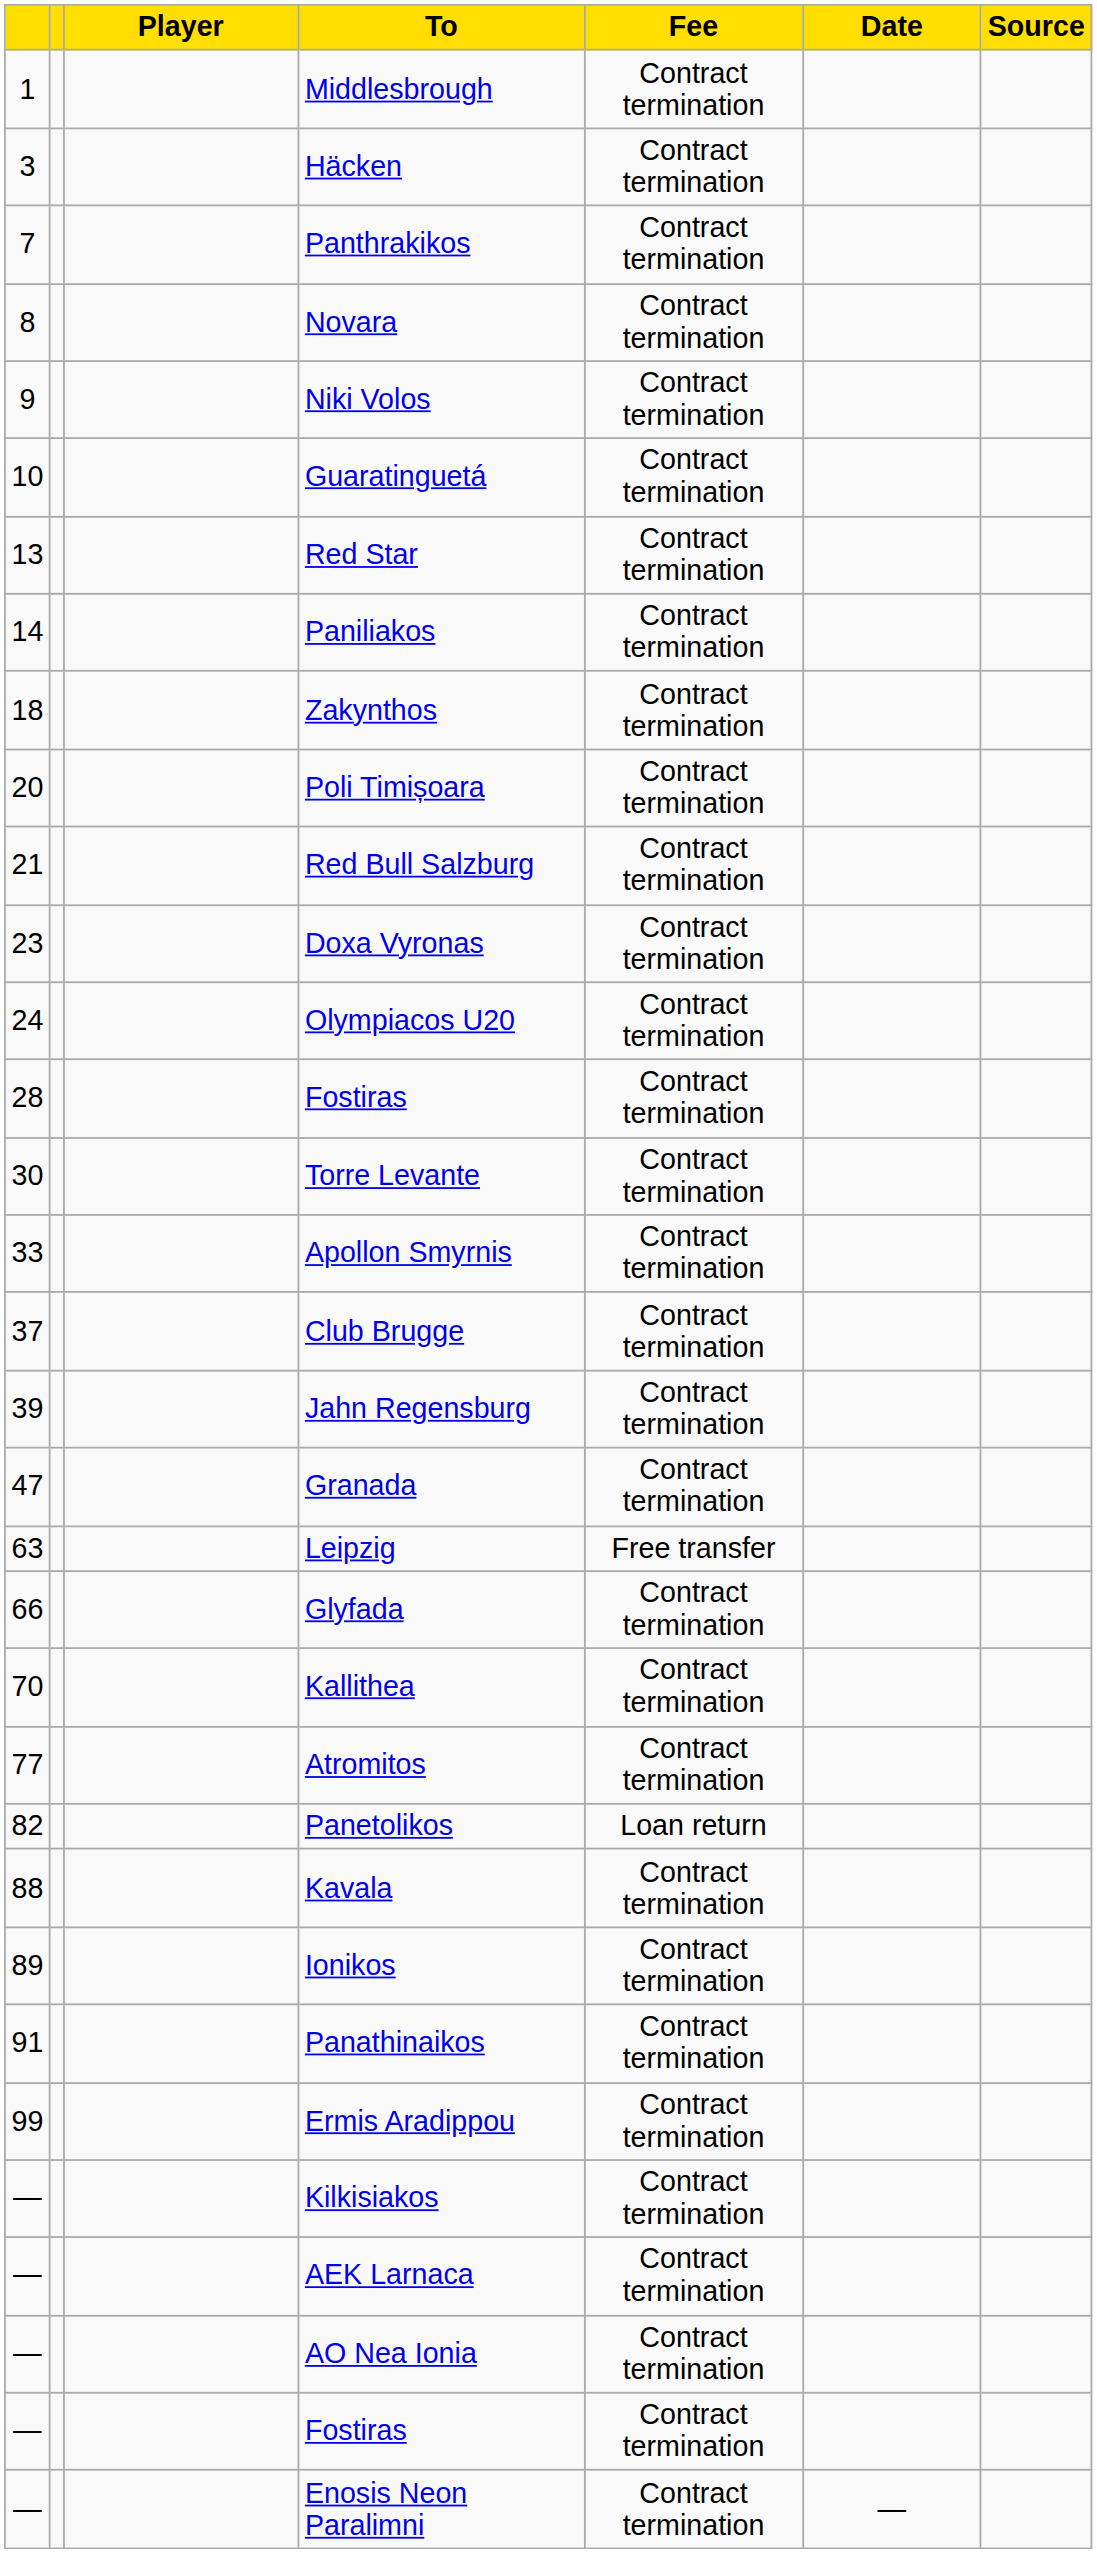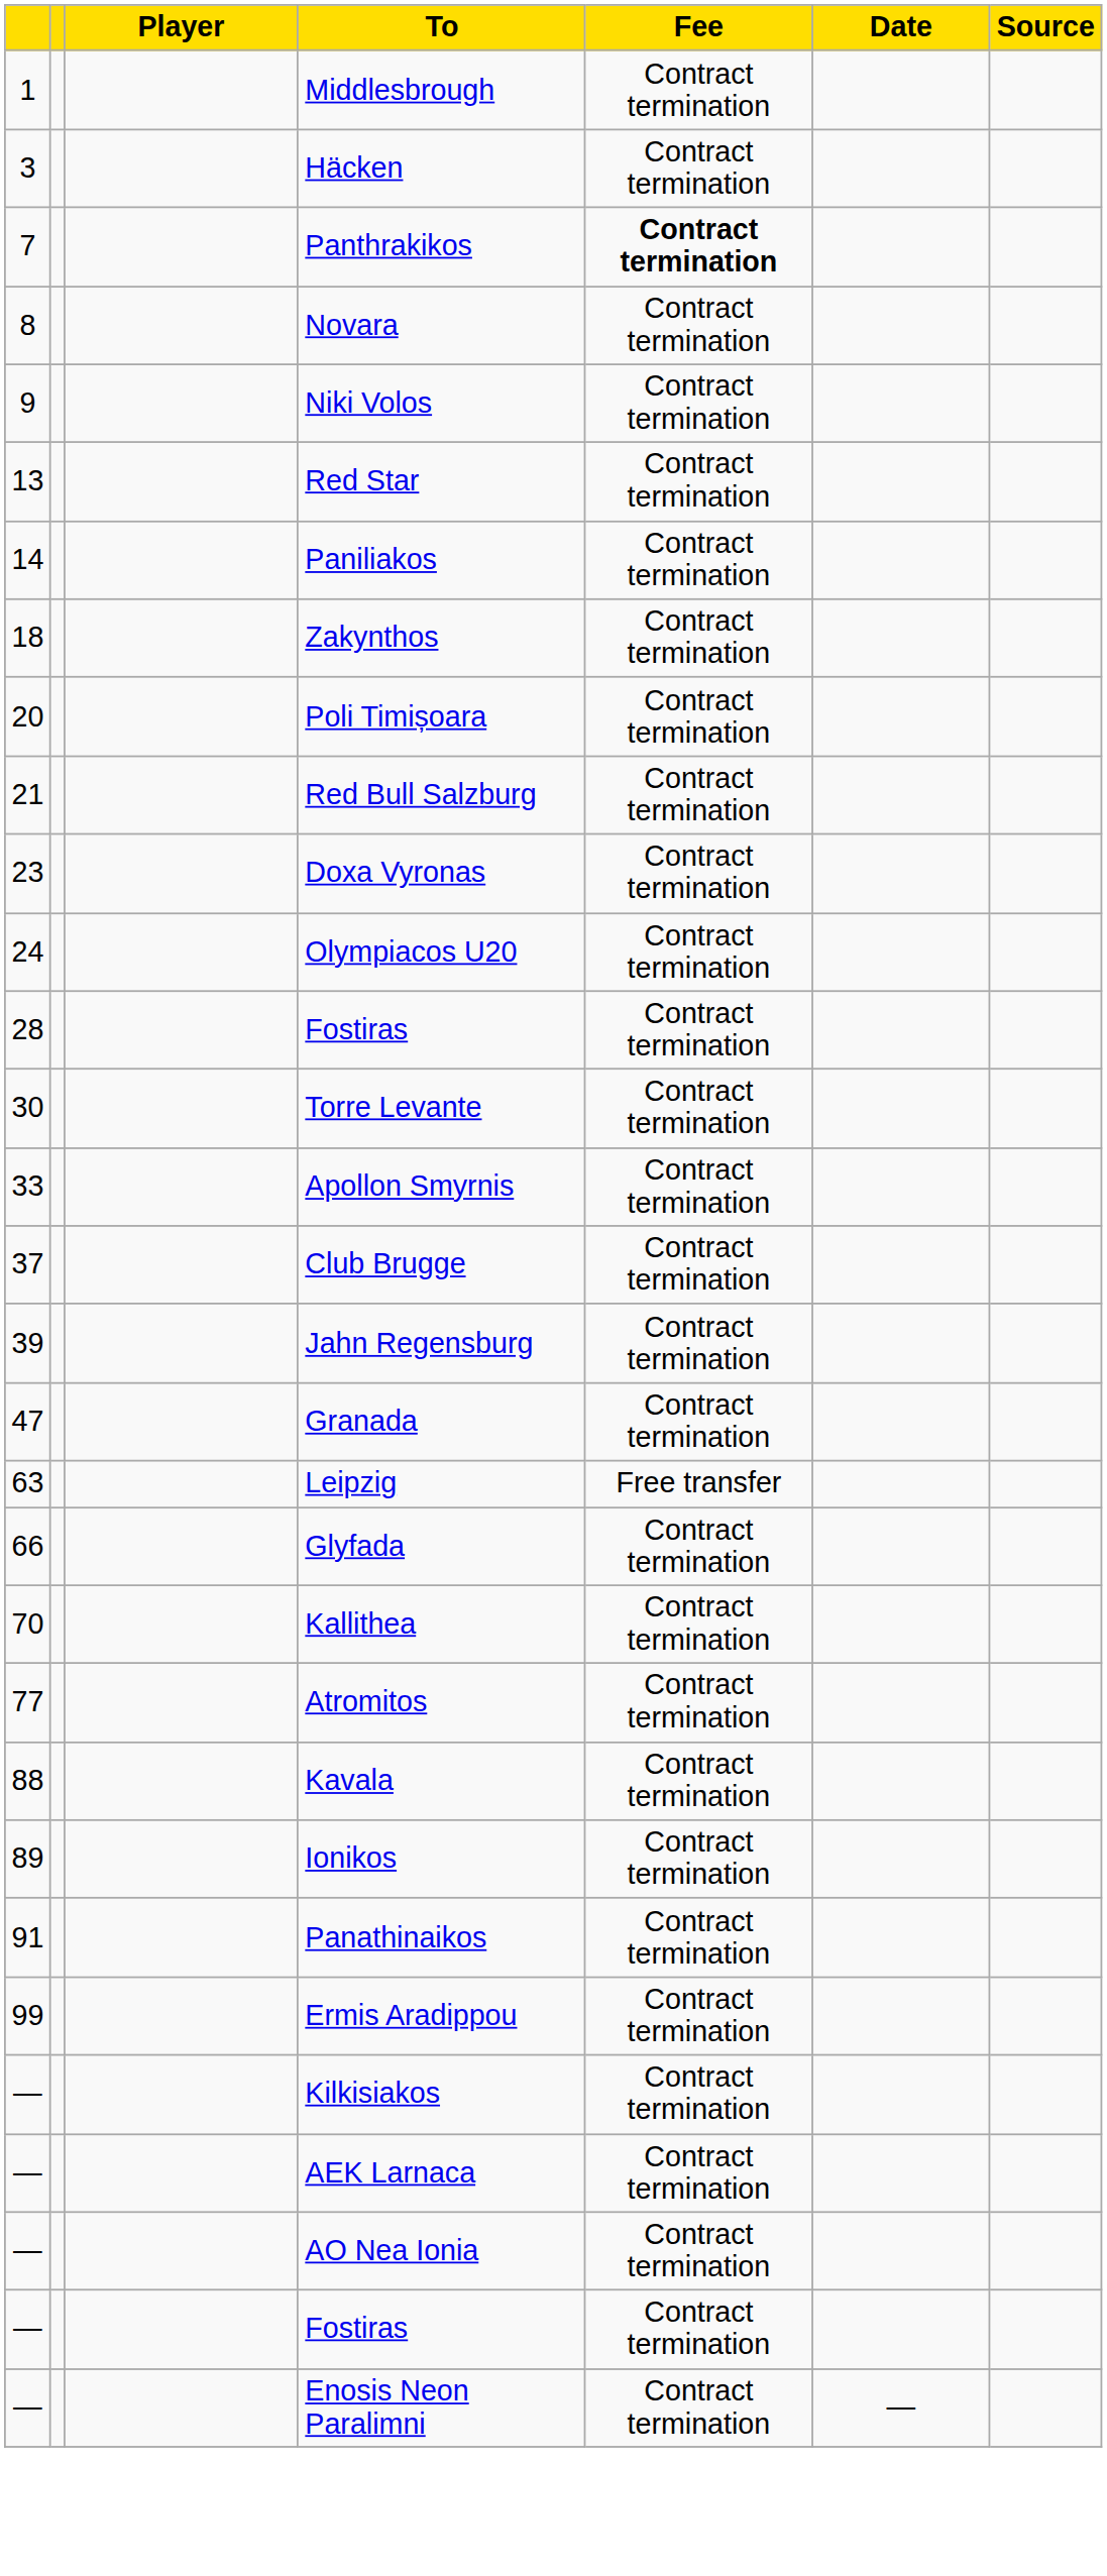 <table class="wikitable sortable">
 <tr>
 <th style="background:#FFDE00"></th>
 <th style="background:#FFDE00"></th>
 <th width=200 style="background:#FFDE00">Player</th>
 <th width=200 style="background:#FFDE00">To</th>
 <th width=150 style="background:#FFDE00">Fee</th>
 <th width=150 style="background:#FFDE00">Date</th>
 <th style="background:#FFDE00">Source</th>
 </tr>
 <tr>
 <td align=center>1</td>
 <td align=center></td>
 <td></td>
 <td> <a href='#'>Middlesbrough</a></td>
 <td align=center>Contract termination</td>
 <td align=center></td>
 <td align=center></td>
 </tr>
 <tr>
 <td align=center>3</td>
 <td align=center></td>
 <td></td>
 <td> <a href='#'>Häcken</a></td>
 <td align=center>Contract termination</td>
 <td align=center></td>
 <td align=center></td>
 </tr>
 <tr>
 <td align=center>7</td>
 <td align=center></td>
 <td></td>
 <td> <a href='#'>Panthrakikos</a></td>
-<td align=center>Contract termination</td>
+<td align=center><strong>Contract termination</strong></td>
 <td align=center></td>
 <td align=center></td>
 </tr>
 <tr>
 <td align=center>8</td>
 <td align=center></td>
 <td></td>
 <td> <a href='#'>Novara</a></td>
 <td align=center>Contract termination</td>
 <td align=center></td>
 <td align=center></td>
 </tr>
 <tr>
 <td align=center>9</td>
 <td align=center></td>
 <td></td>
 <td> <a href='#'>Niki Volos</a></td>
-<td align=center>Contract termination</td>
-<td align=center></td>
-<td align=center></td>
-</tr>
-<tr>
-<td align=center>10</td>
-<td align=center></td>
-<td></td>
-<td> <a href='#'>Guaratinguetá</a></td>
 <td align=center>Contract termination</td>
 <td align=center></td>
 <td align=center></td>
 </tr>
 <tr>
 <td align=center>13</td>
 <td align=center></td>
 <td></td>
 <td> <a href='#'>Red Star</a></td>
 <td align=center>Contract termination</td>
 <td align=center></td>
 <td align=center></td>
 </tr>
 <tr>
 <td align=center>14</td>
 <td align=center></td>
 <td></td>
 <td> <a href='#'>Paniliakos</a></td>
 <td align=center>Contract termination</td>
 <td align=center></td>
 <td align=center></td>
 </tr>
 <tr>
 <td align=center>18</td>
 <td align=center></td>
 <td></td>
 <td> <a href='#'>Zakynthos</a></td>
 <td align=center>Contract termination</td>
 <td align=center></td>
 <td align=center></td>
 </tr>
 <tr>
 <td align=center>20</td>
 <td align=center></td>
 <td></td>
 <td> <a href='#'>Poli Timișoara</a></td>
 <td align=center>Contract termination</td>
 <td align=center></td>
 <td align=center></td>
 </tr>
 <tr>
 <td align=center>21</td>
 <td align=center></td>
 <td></td>
 <td> <a href='#'>Red Bull Salzburg</a></td>
 <td align=center>Contract termination</td>
 <td align=center></td>
 <td align=center></td>
 </tr>
 <tr>
 <td align=center>23</td>
 <td align=center></td>
 <td></td>
 <td> <a href='#'>Doxa Vyronas</a></td>
 <td align=center>Contract termination</td>
 <td align=center></td>
 <td align=center></td>
 </tr>
 <tr>
 <td align=center>24</td>
 <td align=center></td>
 <td></td>
 <td> <a href='#'>Olympiacos U20</a></td>
 <td align=center>Contract termination</td>
 <td align=center></td>
 <td align=center></td>
 </tr>
 <tr>
 <td align=center>28</td>
 <td align=center></td>
 <td></td>
 <td> <a href='#'>Fostiras</a></td>
 <td align=center>Contract termination</td>
 <td align=center></td>
 <td align=center></td>
 </tr>
 <tr>
 <td align=center>30</td>
 <td align=center></td>
 <td></td>
 <td> <a href='#'>Torre Levante</a></td>
 <td align=center>Contract termination</td>
 <td align=center></td>
 <td align=center></td>
 </tr>
 <tr>
 <td align=center>33</td>
 <td align=center></td>
 <td></td>
 <td> <a href='#'>Apollon Smyrnis</a></td>
 <td align=center>Contract termination</td>
 <td align=center></td>
 <td align=center></td>
 </tr>
 <tr>
 <td align=center>37</td>
 <td align=center></td>
 <td></td>
 <td> <a href='#'>Club Brugge</a></td>
 <td align=center>Contract termination</td>
 <td align=center></td>
 <td align=center></td>
 </tr>
 <tr>
 <td align=center>39</td>
 <td align=center></td>
 <td></td>
 <td> <a href='#'>Jahn Regensburg</a></td>
 <td align=center>Contract termination</td>
 <td align=center></td>
 <td align=center></td>
 </tr>
 <tr>
 <td align=center>47</td>
 <td align=center></td>
 <td></td>
 <td> <a href='#'>Granada</a></td>
 <td align=center>Contract termination</td>
 <td align=center></td>
 <td align=center></td>
 </tr>
 <tr>
 <td align=center>63</td>
 <td align=center></td>
 <td></td>
 <td> <a href='#'>Leipzig</a></td>
 <td align=center>Free transfer</td>
 <td align=center></td>
 <td align=center></td>
 </tr>
 <tr>
 <td align=center>66</td>
 <td align=center></td>
 <td></td>
 <td> <a href='#'>Glyfada</a></td>
 <td align=center>Contract termination</td>
 <td align=center></td>
 <td align=center></td>
 </tr>
 <tr>
 <td align=center>70</td>
 <td align=center></td>
 <td></td>
 <td> <a href='#'>Kallithea</a></td>
 <td align=center>Contract termination</td>
 <td align=center></td>
 <td align=center></td>
 </tr>
 <tr>
 <td align=center>77</td>
 <td align=center></td>
 <td></td>
 <td> <a href='#'>Atromitos</a></td>
 <td align=center>Contract termination</td>
 <td align=center></td>
 <td align=center></td>
 </tr>
 <tr>
-<td align=center>82</td>
-<td align=center></td>
-<td></td>
-<td> <a href='#'>Panetolikos</a></td>
-<td align=center>Loan return</td>
-<td align=center></td>
-<td align=center></td>
-</tr>
-<tr>
 <td align=center>88</td>
 <td align=center></td>
 <td></td>
 <td> <a href='#'>Kavala</a></td>
 <td align=center>Contract termination</td>
 <td align=center></td>
 <td align=center></td>
 </tr>
 <tr>
 <td align=center>89</td>
 <td align=center></td>
 <td></td>
 <td> <a href='#'>Ionikos</a></td>
 <td align=center>Contract termination</td>
 <td align=center></td>
 <td align=center></td>
 </tr>
 <tr>
 <td align=center>91</td>
 <td align=center></td>
 <td></td>
 <td> <a href='#'>Panathinaikos</a></td>
 <td align=center>Contract termination</td>
 <td align=center></td>
 <td align=center></td>
 </tr>
 <tr>
 <td align=center>99</td>
 <td align=center></td>
 <td></td>
 <td> <a href='#'>Ermis Aradippou</a></td>
 <td align=center>Contract termination</td>
 <td align=center></td>
 <td align=center></td>
 </tr>
 <tr>
 <td align=center>—</td>
 <td align=center></td>
 <td></td>
 <td> <a href='#'>Kilkisiakos</a></td>
 <td align=center>Contract termination</td>
 <td align=center></td>
 <td align=center></td>
 </tr>
 <tr>
 <td align=center>—</td>
 <td align=center></td>
 <td></td>
 <td> <a href='#'>AEK Larnaca</a></td>
 <td align=center>Contract termination</td>
 <td align=center></td>
 <td align=center></td>
 </tr>
 <tr>
 <td align=center>—</td>
 <td align=center></td>
 <td></td>
 <td> <a href='#'>AO Nea Ionia</a></td>
 <td align=center>Contract termination</td>
 <td align=center></td>
 <td align=center></td>
 </tr>
 <tr>
 <td align=center>—</td>
 <td align=center></td>
 <td></td>
 <td> <a href='#'>Fostiras</a></td>
 <td align=center>Contract termination</td>
 <td align=center></td>
 <td align=center></td>
 </tr>
 <tr>
 <td align=center>—</td>
 <td align=center></td>
 <td></td>
 <td> <a href='#'>Enosis Neon Paralimni</a></td>
 <td align=center>Contract termination</td>
 <td align=center>—</td>
 <td align=center></td>
 </tr>
 </table>
